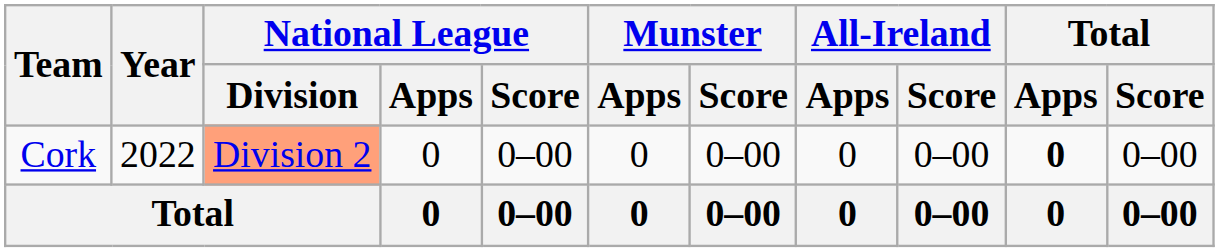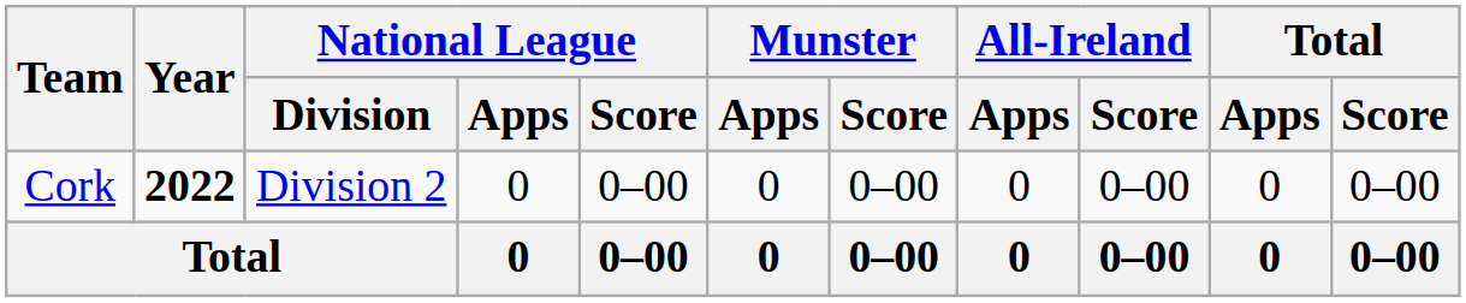 <table class="wikitable" style="text-align:center">
 <tr>
 <th rowspan="2">Team</th>
 <th rowspan="2">Year</th>
 <th colspan="3"><a href='#'>National League</a></th>
 <th colspan="2"><a href='#'>Munster</a></th>
 <th colspan="2"><a href='#'>All-Ireland</a></th>
 <th colspan="2">Total</th>
 </tr>
 <tr>
 <th>Division</th>
 <th>Apps</th>
 <th>Score</th>
 <th>Apps</th>
 <th>Score</th>
 <th>Apps</th>
 <th>Score</th>
 <th>Apps</th>
 <th>Score</th>
 </tr>
 <tr>
 <td rowspan="1"><a href='#'>Cork</a></td>
-<td>2022</td>
-<td rowspan="1" style="background: lightsalmon;"><a href='#'>Division 2</a></td>
+<td><strong>2022</strong></td>
+<td rowspan="1"><a href='#'>Division 2</a></td>
 <td>0</td>
 <td>0–00</td>
 <td>0</td>
 <td>0–00</td>
 <td>0</td>
 <td>0–00</td>
-<td><strong>0</strong></td>
+<td>0</td>
 <td>0–00</td>
 </tr>
 <tr>
 <th colspan="3">Total</th>
 <th>0</th>
 <th>0–00</th>
 <th>0</th>
 <th>0–00</th>
 <th>0</th>
 <th>0–00</th>
 <th>0</th>
 <th>0–00</th>
 </tr>
 </table>
